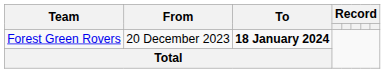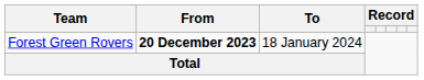 <table class=wikitable style=text-align:center>
 <tr>
 <th rowspan=2>Team</th>
 <th rowspan=2>From</th>
 <th rowspan=2>To</th>
 <th colspan=5>Record</th>
 </tr>
 <tr>
 <th></th>
 <th></th>
 <th></th>
 <th></th>
 <th></th>
 </tr>
 <tr>
 <td align=left><a href='#'>Forest Green Rovers</a></td>
-<td align=left>20 December 2023</td>
-<td align=left><strong>18 January 2024<br></strong></td>
+<td align=left><strong>20 December 2023</strong></td>
+<td align=left>18 January 2024<br></td>
 </tr>
 <tr>
 <th colspan=3>Total<br></th>
 </tr>
 </table>
